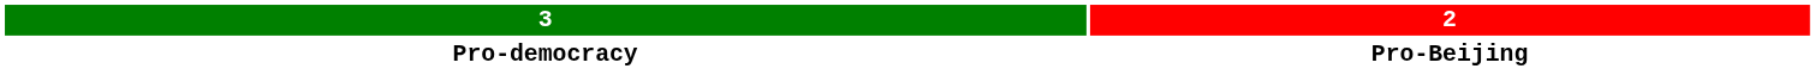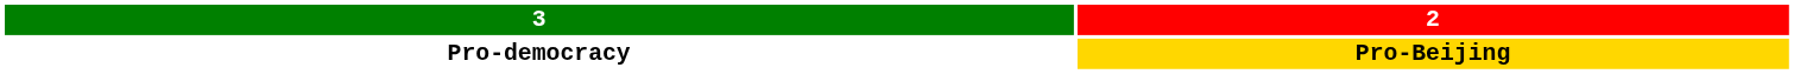 <table style="width:50%; text-align:center;">
 <tr style="color:white;">
 <td style="background:green; width:60%;"><strong>3</strong></td>
 <td style="background:red; width:40%;"><strong>2</strong></td>
 </tr>
 <tr>
 <td><span><strong>Pro-democracy</strong></span></td>
-<td><span><strong>Pro-Beijing</strong></span></td>
+<td style="background: gold;"><span><strong>Pro-Beijing</strong></span></td>
 </tr>
 </table>
